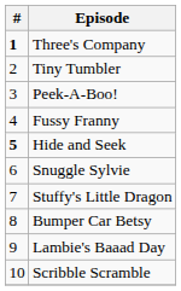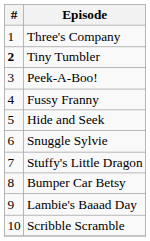 <table class="wikitable sortable">
 <tr>
 <th>#</th>
 <th>Episode</th>
 </tr>
 <tr>
-<td><strong>1</strong></td>
+<td>1</td>
 <td>Three's Company</td>
 </tr>
 <tr>
-<td>2</td>
+<td><strong>2</strong></td>
 <td>Tiny Tumbler</td>
 </tr>
 <tr>
 <td>3</td>
 <td>Peek-A-Boo!</td>
 </tr>
 <tr>
 <td>4</td>
 <td>Fussy Franny</td>
 </tr>
 <tr>
-<td><strong>5</strong></td>
+<td>5</td>
 <td>Hide and Seek</td>
 </tr>
 <tr>
 <td>6</td>
 <td>Snuggle Sylvie</td>
 </tr>
 <tr>
 <td>7</td>
 <td>Stuffy's Little Dragon</td>
 </tr>
 <tr>
 <td>8</td>
 <td>Bumper Car Betsy</td>
 </tr>
 <tr>
 <td>9</td>
 <td>Lambie's Baaad Day</td>
 </tr>
 <tr>
 <td>10</td>
 <td>Scribble Scramble</td>
 </tr>
 <tr>
 </tr>
 </table>
